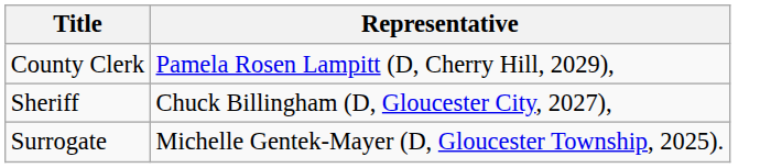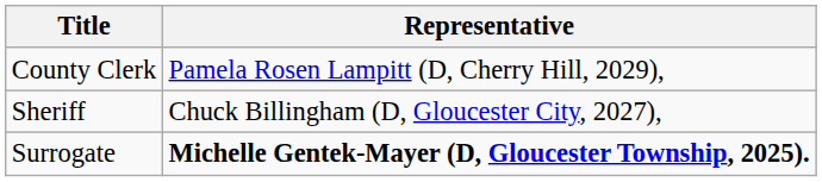 <table class="wikitable sortable">
 <tr>
 <th>Title</th>
 <th>Representative</th>
 </tr>
 <tr>
 <td>County Clerk</td>
 <td><a href='#'>Pamela Rosen Lampitt</a> (D, Cherry Hill, 2029),</td>
 </tr>
 <tr>
 <td>Sheriff</td>
 <td>Chuck Billingham (D, <a href='#'>Gloucester City</a>, 2027),</td>
 </tr>
 <tr>
 <td>Surrogate</td>
-<td>Michelle Gentek-Mayer (D, <a href='#'>Gloucester Township</a>, 2025).</td>
+<td><strong>Michelle Gentek-Mayer (D, <a href='#'>Gloucester Township</a>, 2025).</strong></td>
 </tr>
 </table>
